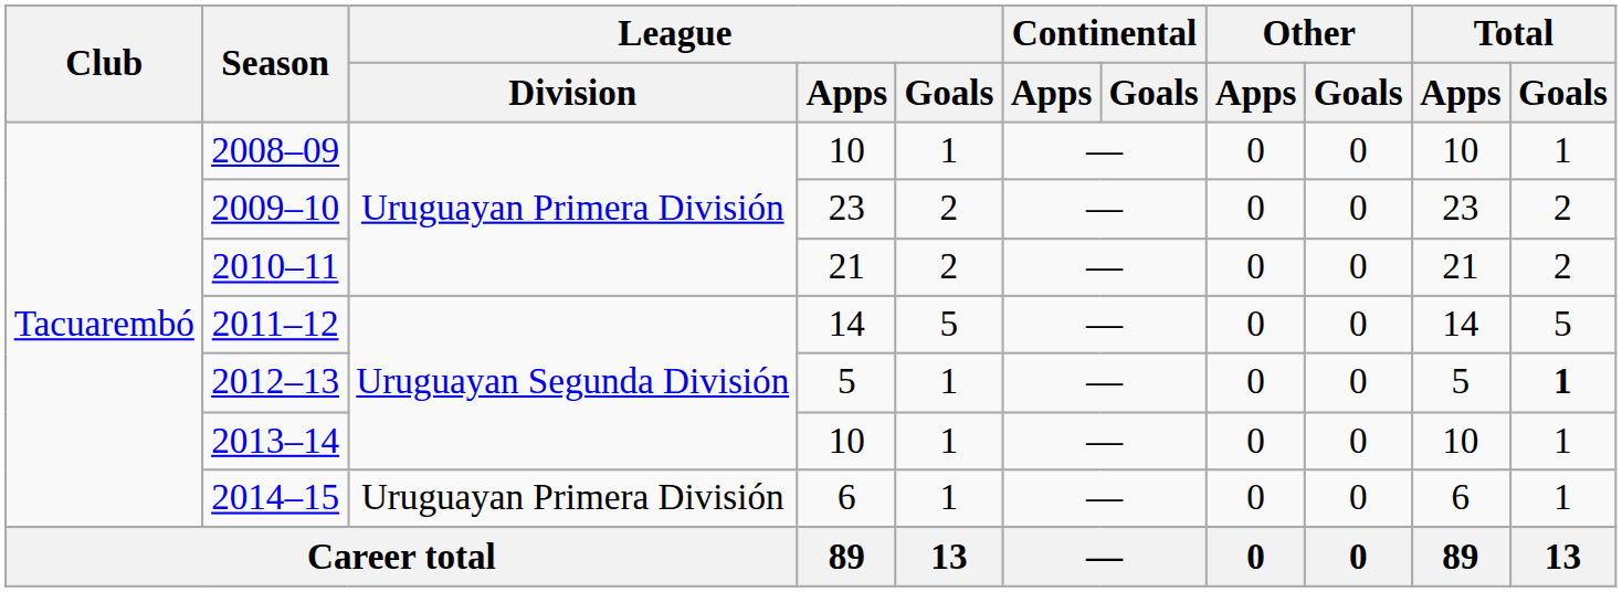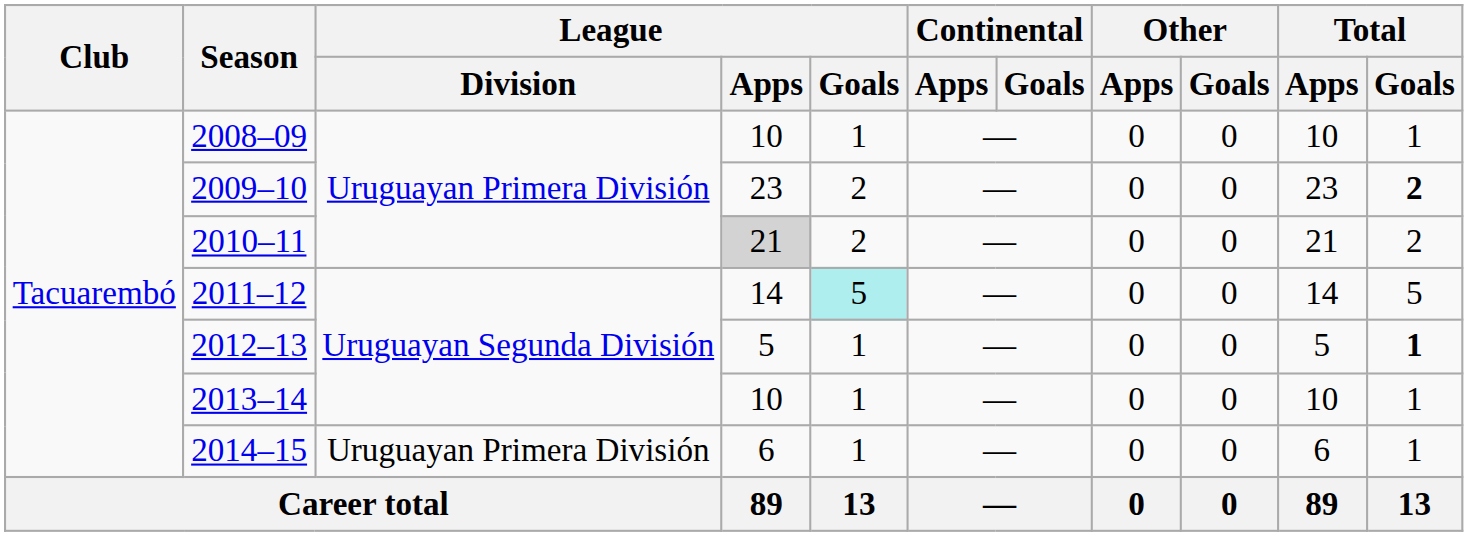 <table class="wikitable" style="text-align:center">
 <tr>
 <th rowspan="2">Club</th>
 <th rowspan="2">Season</th>
 <th colspan="3">League</th>
 <th colspan="2">Continental</th>
 <th colspan="2">Other</th>
 <th colspan="2">Total</th>
 </tr>
 <tr>
 <th>Division</th>
 <th>Apps</th>
 <th>Goals</th>
 <th>Apps</th>
 <th>Goals</th>
 <th>Apps</th>
 <th>Goals</th>
 <th>Apps</th>
 <th>Goals</th>
 </tr>
 <tr>
 <td rowspan="7"><a href='#'>Tacuarembó</a></td>
 <td><a href='#'>2008–09</a></td>
 <td rowspan="3"><a href='#'>Uruguayan Primera División</a></td>
 <td>10</td>
 <td>1</td>
 <td colspan="2">—</td>
 <td>0</td>
 <td>0</td>
 <td>10</td>
 <td>1</td>
 </tr>
 <tr>
 <td><a href='#'>2009–10</a></td>
 <td>23</td>
 <td>2</td>
 <td colspan="2">—</td>
 <td>0</td>
 <td>0</td>
 <td>23</td>
-<td>2</td>
+<td><strong>2</strong></td>
 </tr>
 <tr>
 <td><a href='#'>2010–11</a></td>
-<td>21</td>
+<td style="background: lightgrey;">21</td>
 <td>2</td>
 <td colspan="2">—</td>
 <td>0</td>
 <td>0</td>
 <td>21</td>
 <td>2</td>
 </tr>
 <tr>
 <td><a href='#'>2011–12</a></td>
 <td rowspan="3"><a href='#'>Uruguayan Segunda División</a></td>
 <td>14</td>
-<td>5</td>
+<td style="background: paleturquoise;">5</td>
 <td colspan="2">—</td>
 <td>0</td>
 <td>0</td>
 <td>14</td>
 <td>5</td>
 </tr>
 <tr>
 <td><a href='#'>2012–13</a></td>
 <td>5</td>
 <td>1</td>
 <td colspan="2">—</td>
 <td>0</td>
 <td>0</td>
 <td>5</td>
 <td><strong>1</strong></td>
 </tr>
 <tr>
 <td><a href='#'>2013–14</a></td>
 <td>10</td>
 <td>1</td>
 <td colspan="2">—</td>
 <td>0</td>
 <td>0</td>
 <td>10</td>
 <td>1</td>
 </tr>
 <tr>
 <td><a href='#'>2014–15</a></td>
 <td>Uruguayan Primera División</td>
 <td>6</td>
 <td>1</td>
 <td colspan="2">—</td>
 <td>0</td>
 <td>0</td>
 <td>6</td>
 <td>1</td>
 </tr>
 <tr>
 <th colspan="3">Career total</th>
 <th>89</th>
 <th>13</th>
 <th colspan="2">—</th>
 <th>0</th>
 <th>0</th>
 <th>89</th>
 <th>13</th>
 </tr>
 </table>
